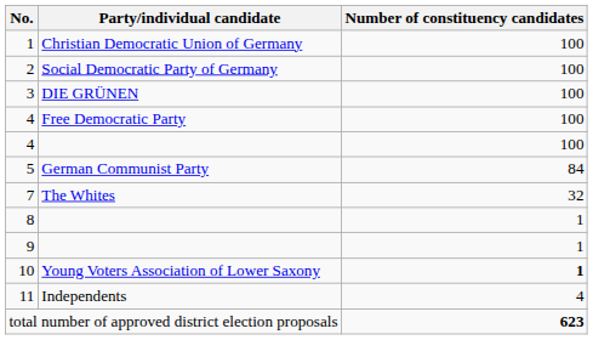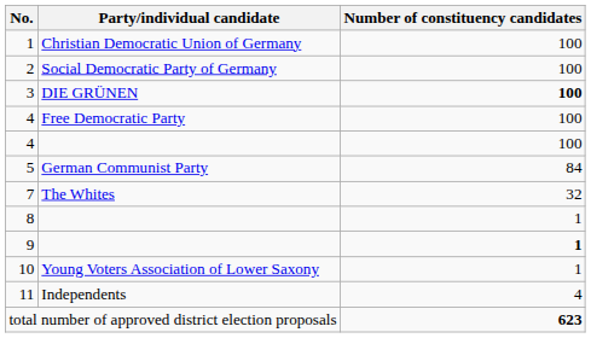 <table class="wikitable sortable" style="text-align:right">
 <tr>
 <th>No.</th>
 <th>Party/individual candidate</th>
 <th>Number of constituency candidates</th>
 </tr>
 <tr>
 <td>1</td>
 <td style="text-align:left"><a href='#'>Christian Democratic Union of Germany</a></td>
 <td>100</td>
 </tr>
 <tr>
 <td>2</td>
 <td style="text-align:left"><a href='#'>Social Democratic Party of Germany</a></td>
 <td>100</td>
 </tr>
 <tr>
 <td>3</td>
 <td style="text-align:left"><a href='#'>DIE GRÜNEN</a></td>
-<td>100</td>
+<td><strong>100</strong></td>
 </tr>
 <tr>
 <td>4</td>
 <td style="text-align:left"><a href='#'>Free Democratic Party</a></td>
 <td>100</td>
 </tr>
 <tr>
 <td>4</td>
 <td style="text-align:left"></td>
 <td>100</td>
 </tr>
 <tr>
 <td>5</td>
 <td style="text-align:left"><a href='#'>German Communist Party</a></td>
 <td>84</td>
 </tr>
 <tr>
 <td>7</td>
 <td style="text-align:left"><a href='#'>The Whites</a></td>
 <td>32</td>
 </tr>
 <tr>
 <td>8</td>
 <td style="text-align:left"></td>
 <td>1</td>
 </tr>
 <tr>
 <td>9</td>
 <td style="text-align:left"></td>
-<td>1</td>
+<td><strong>1</strong></td>
 </tr>
 <tr>
 <td>10</td>
 <td style="text-align:left"><a href='#'>Young Voters Association of Lower Saxony</a></td>
-<td><strong>1</strong></td>
+<td>1</td>
 </tr>
 <tr>
 <td>11</td>
 <td style="text-align:left">Independents</td>
 <td>4</td>
 </tr>
 <tr>
 <td colspan="2">total number of approved district election proposals</td>
 <td><strong>623</strong></td>
 </tr>
 </table>
